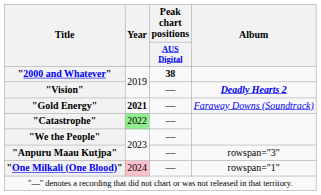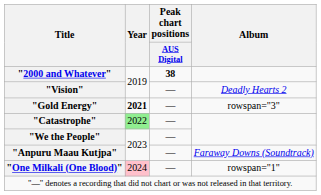 <table class="wikitable plainrowheaders" style="text-align:center;">
 <tr>
 <th rowspan="2" scope="col">Title</th>
 <th rowspan="2" scope="col">Year</th>
 <th colspan="1" scope="col">Peak chart positions</th>
 <th rowspan="2" scope="col">Album</th>
 </tr>
 <tr>
 <th scope="col" style="width:3em;font-size:85%"><a href='#'>AUS<br>Digital</a><br></th>
 </tr>
 <tr>
 <th scope="row">"<a href='#'>2000 and Whatever</a>"</th>
 <td rowspan="2">2019</td>
 <td><strong>38</strong></td>
 <td></td>
 </tr>
 <tr>
 <th scope="row">"Vision"</th>
 <td>—</td>
-<td><strong><em><a href='#'>Deadly Hearts 2</a></em></strong></td>
+<td><em><a href='#'>Deadly Hearts 2</a></em></td>
 </tr>
 <tr>
 <th scope="row">"Gold Energy"</th>
 <td><strong>2021</strong></td>
 <td>—</td>
-<td><em><a href='#'>Faraway Downs (Soundtrack)</a></em></td>
+<td>rowspan="3" </td>
 </tr>
 <tr>
 <th scope="row">"Catastrophe"</th>
 <td style="background: lightgreen;">2022</td>
 <td>—</td>
 </tr>
 <tr>
 <th scope="row">"We the People"</th>
 <td rowspan="2">2023</td>
 <td>—</td>
 </tr>
 <tr>
 <th scope="row">"Anpuru Maau Kutjpa"</th>
 <td>—</td>
-<td>rowspan="3" </td>
+<td><em><a href='#'>Faraway Downs (Soundtrack)</a></em></td>
 </tr>
 <tr>
 <th scope="row">"<a href='#'>One Milkali (One Blood)</a>"</th>
 <td rowspan="1" style="background: pink;">2024</td>
 <td>—</td>
 <td>rowspan="1" </td>
 </tr>
 <tr>
 <td colspan="14" style="font-size:85%">"—" denotes a recording that did not chart or was not released in that territory.</td>
 </tr>
 </table>
